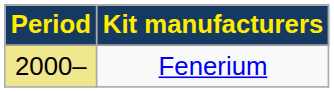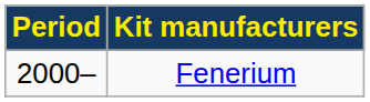 <table class="wikitable" style="text-align: center">
 <tr>
 <th style="color:#FFED00; background:#163962;">Period</th>
 <th style="color:#FFED00; background:#163962;">Kit manufacturers</th>
 </tr>
 <tr>
-<td style="background: khaki;">2000–</td>
+<td>2000–</td>
 <td><a href='#'>Fenerium</a></td>
 </tr>
 </table>
